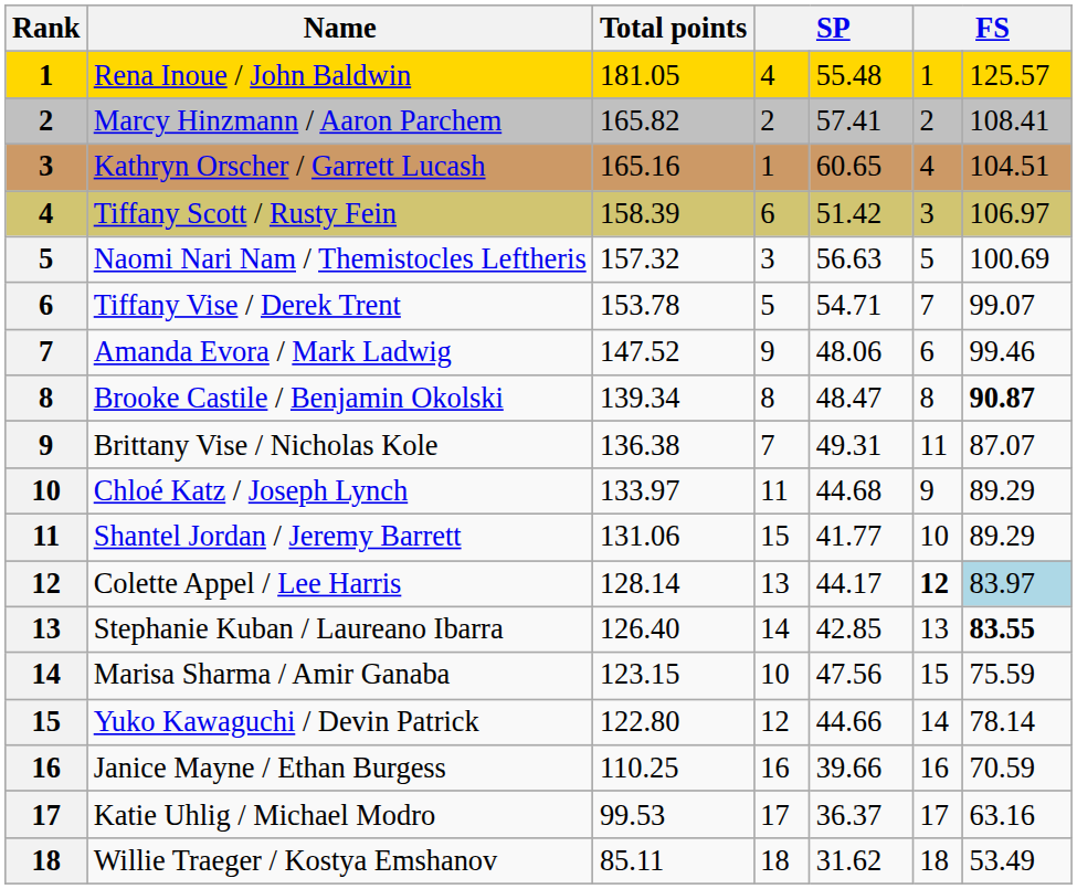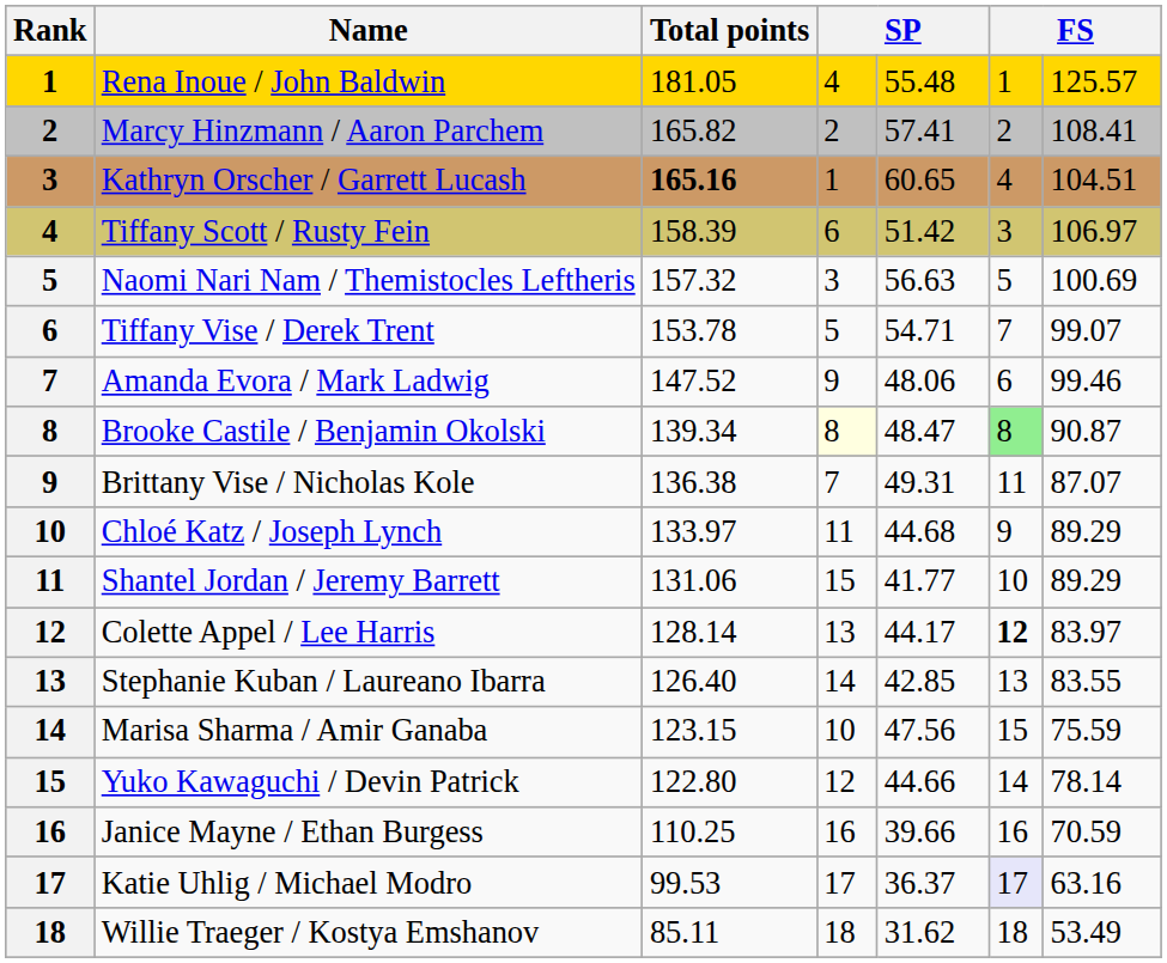 <table class="wikitable sortable">
 <tr>
 <th>Rank</th>
 <th>Name</th>
 <th>Total points</th>
 <th colspan="2" width="80px"><a href='#'>SP</a></th>
 <th colspan="2" width="80px"><a href='#'>FS</a></th>
 </tr>
 <tr bgcolor="gold">
 <td align="center"><strong>1</strong></td>
 <td><a href='#'>Rena Inoue</a> / <a href='#'>John Baldwin</a></td>
 <td>181.05</td>
 <td>4</td>
 <td>55.48</td>
 <td>1</td>
 <td>125.57</td>
 </tr>
 <tr bgcolor="silver">
 <td align="center"><strong>2</strong></td>
 <td><a href='#'>Marcy Hinzmann</a> / <a href='#'>Aaron Parchem</a></td>
 <td>165.82</td>
 <td>2</td>
 <td>57.41</td>
 <td>2</td>
 <td>108.41</td>
 </tr>
 <tr bgcolor="cc9966">
 <td align="center"><strong>3</strong></td>
 <td><a href='#'>Kathryn Orscher</a> / <a href='#'>Garrett Lucash</a></td>
-<td>165.16</td>
+<td><strong>165.16</strong></td>
 <td>1</td>
 <td>60.65</td>
 <td>4</td>
 <td>104.51</td>
 </tr>
 <tr bgcolor="#d1c571">
 <td align="center"><strong>4</strong></td>
 <td><a href='#'>Tiffany Scott</a> / <a href='#'>Rusty Fein</a></td>
 <td>158.39</td>
 <td>6</td>
 <td>51.42</td>
 <td>3</td>
 <td>106.97</td>
 </tr>
 <tr>
 <th>5</th>
 <td><a href='#'>Naomi Nari Nam</a> / <a href='#'>Themistocles Leftheris</a></td>
 <td>157.32</td>
 <td>3</td>
 <td>56.63</td>
 <td>5</td>
 <td>100.69</td>
 </tr>
 <tr>
 <th>6</th>
 <td><a href='#'>Tiffany Vise</a> / <a href='#'>Derek Trent</a></td>
 <td>153.78</td>
 <td>5</td>
 <td>54.71</td>
 <td>7</td>
 <td>99.07</td>
 </tr>
 <tr>
 <th>7</th>
 <td><a href='#'>Amanda Evora</a> / <a href='#'>Mark Ladwig</a></td>
 <td>147.52</td>
 <td>9</td>
 <td>48.06</td>
 <td>6</td>
 <td>99.46</td>
 </tr>
 <tr>
 <th>8</th>
 <td><a href='#'>Brooke Castile</a> / <a href='#'>Benjamin Okolski</a></td>
 <td>139.34</td>
-<td>8</td>
+<td style="background: lightyellow;">8</td>
 <td>48.47</td>
-<td>8</td>
-<td><strong>90.87</strong></td>
+<td style="background: lightgreen;">8</td>
+<td>90.87</td>
 </tr>
 <tr>
 <th>9</th>
 <td>Brittany Vise / Nicholas Kole</td>
 <td>136.38</td>
 <td>7</td>
 <td>49.31</td>
 <td>11</td>
 <td>87.07</td>
 </tr>
 <tr>
 <th>10</th>
 <td><a href='#'>Chloé Katz</a> / <a href='#'>Joseph Lynch</a></td>
 <td>133.97</td>
 <td>11</td>
 <td>44.68</td>
 <td>9</td>
 <td>89.29</td>
 </tr>
 <tr>
 <th>11</th>
 <td><a href='#'>Shantel Jordan</a> / <a href='#'>Jeremy Barrett</a></td>
 <td>131.06</td>
 <td>15</td>
 <td>41.77</td>
 <td>10</td>
 <td>89.29</td>
 </tr>
 <tr>
 <th>12</th>
 <td>Colette Appel / <a href='#'>Lee Harris</a></td>
 <td>128.14</td>
 <td>13</td>
 <td>44.17</td>
 <td><strong>12</strong></td>
-<td style="background: lightblue;">83.97</td>
+<td>83.97</td>
 </tr>
 <tr>
 <th>13</th>
 <td>Stephanie Kuban / Laureano Ibarra</td>
 <td>126.40</td>
 <td>14</td>
 <td>42.85</td>
 <td>13</td>
-<td><strong>83.55</strong></td>
+<td>83.55</td>
 </tr>
 <tr>
 <th>14</th>
 <td>Marisa Sharma / Amir Ganaba</td>
 <td>123.15</td>
 <td>10</td>
 <td>47.56</td>
 <td>15</td>
 <td>75.59</td>
 </tr>
 <tr>
 <th>15</th>
 <td><a href='#'>Yuko Kawaguchi</a> / Devin Patrick</td>
 <td>122.80</td>
 <td>12</td>
 <td>44.66</td>
 <td>14</td>
 <td>78.14</td>
 </tr>
 <tr>
 <th>16</th>
 <td>Janice Mayne / Ethan Burgess</td>
 <td>110.25</td>
 <td>16</td>
 <td>39.66</td>
 <td>16</td>
 <td>70.59</td>
 </tr>
 <tr>
 <th>17</th>
 <td>Katie Uhlig / Michael Modro</td>
 <td>99.53</td>
 <td>17</td>
 <td>36.37</td>
-<td>17</td>
+<td style="background: lavender;">17</td>
 <td>63.16</td>
 </tr>
 <tr>
 <th>18</th>
 <td>Willie Traeger / Kostya Emshanov</td>
 <td>85.11</td>
 <td>18</td>
 <td>31.62</td>
 <td>18</td>
 <td>53.49</td>
 </tr>
 </table>
